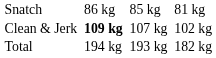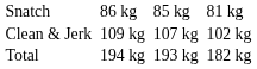 <table>
 <tr>
 <td>Snatch</td>
 <td></td>
 <td>86 kg</td>
 <td></td>
 <td>85 kg</td>
 <td></td>
 <td>81 kg</td>
 </tr>
 <tr>
 <td>Clean & Jerk</td>
 <td></td>
-<td><strong>109 kg</strong></td>
+<td>109 kg</td>
 <td></td>
 <td>107 kg</td>
 <td></td>
 <td>102 kg</td>
 </tr>
 <tr>
 <td>Total</td>
 <td></td>
 <td>194 kg</td>
 <td></td>
 <td>193 kg</td>
 <td></td>
 <td>182 kg</td>
 </tr>
 </table>
